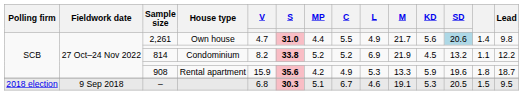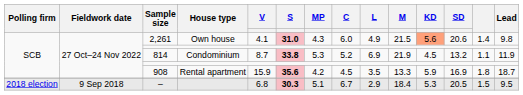 <table class="wikitable sortable" style="text-align:center;font-size:90%;line-height:14px;">
 <tr style="height:40px;">
 <th rowspan="2">Polling firm</th>
 <th rowspan="2">Fieldwork date</th>
 <th rowspan="2">Sample<br>size</th>
 <th rowspan="2">House type</th>
 <th class="sortable" style="width:40px;"><a href='#'>V</a></th>
 <th class="sortable" style="width:40px;"><a href='#'>S</a></th>
 <th class="sortable" style="width:40px;"><a href='#'>MP</a></th>
 <th class="sortable" style="width:40px;"><a href='#'>C</a></th>
 <th class="sortable" style="width:40px;"><a href='#'>L</a></th>
 <th class="sortable" style="width:40px;"><a href='#'>M</a></th>
 <th class="sortable" style="width:40px;"><a href='#'>KD</a></th>
 <th class="sortable" style="width:40px;"><a href='#'>SD</a></th>
 <th class="sortable" style="width:30px;" rowspan="2"></th>
 <th style="width:30px;" rowspan="2">Lead</th>
 </tr>
 <tr>
 <th style="background:"></th>
 <th style="background:"></th>
 <th style="background:"></th>
 <th style="background:"></th>
 <th style="background:"></th>
 <th style="background:"></th>
 <th style="background:"></th>
 <th style="background:"></th>
 </tr>
 <tr>
 <td rowspan="5">SCB</td>
 <td rowspan="5">27 Oct–24 Nov 2022</td>
 <td>2,261</td>
 <td>Own house</td>
-<td>4.7</td>
+<td>4.1</td>
 <td style="background:#F9BDC5;"><strong>31.0</strong></td>
-<td>4.4</td>
-<td>5.5</td>
+<td>4.3</td>
+<td>6.0</td>
 <td>4.9</td>
-<td>21.7</td>
-<td>5.6</td>
-<td style="background: lightblue;">20.6</td>
+<td>21.5</td>
+<td style="background: lightsalmon;">5.6</td>
+<td>20.6</td>
 <td>1.4</td>
 <td style="background:">9.8</td>
 </tr>
 <tr>
 <td colspan="12"></td>
 </tr>
 <tr>
 <td>814</td>
 <td>Condominium</td>
-<td>8.2</td>
+<td>8.7</td>
 <td style="background:#F9BDC5;"><strong>33.8</strong></td>
-<td>5.2</td>
+<td>5.3</td>
 <td>5.2</td>
 <td>6.9</td>
 <td>21.9</td>
 <td>4.5</td>
 <td>13.2</td>
 <td>1.1</td>
-<td style="background:">12.2</td>
+<td style="background:">11.9</td>
 </tr>
 <tr>
 <td colspan="12"></td>
 </tr>
 <tr>
 <td>908</td>
 <td>Rental apartment</td>
 <td>15.9</td>
 <td style="background:#F9BDC5;"><strong>35.6</strong></td>
 <td>4.2</td>
-<td>4.9</td>
-<td>5.3</td>
+<td>4.5</td>
+<td>3.5</td>
 <td>13.3</td>
 <td>5.9</td>
-<td>19.6</td>
+<td>16.9</td>
 <td>1.8</td>
 <td style="background:">18.7</td>
 </tr>
 <tr>
 </tr>
 <tr style="background:#E9E9E9;">
 <td><a href='#'>2018 election</a></td>
 <td data-sort-value="2018-09-09">9 Sep 2018</td>
 <td>–</td>
 <td></td>
 <td>6.8</td>
 <td style="background:#F9BDC5;"><strong>30.3</strong></td>
 <td>5.1</td>
 <td>6.7</td>
-<td>4.6</td>
-<td>19.1</td>
+<td>2.9</td>
+<td>18.4</td>
 <td>5.3</td>
 <td>20.5</td>
 <td>1.5</td>
 <td style="background:">9.5</td>
 </tr>
 </table>
